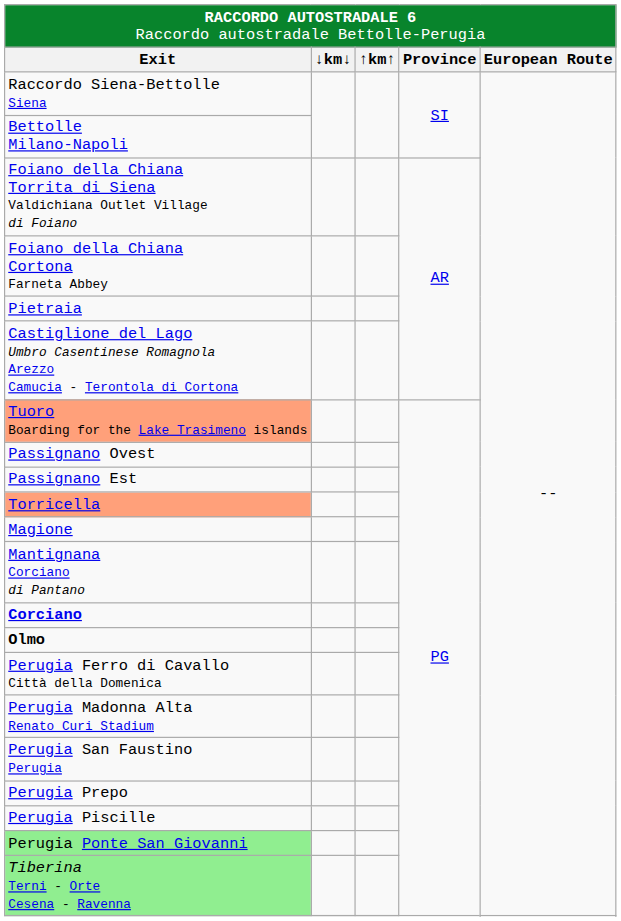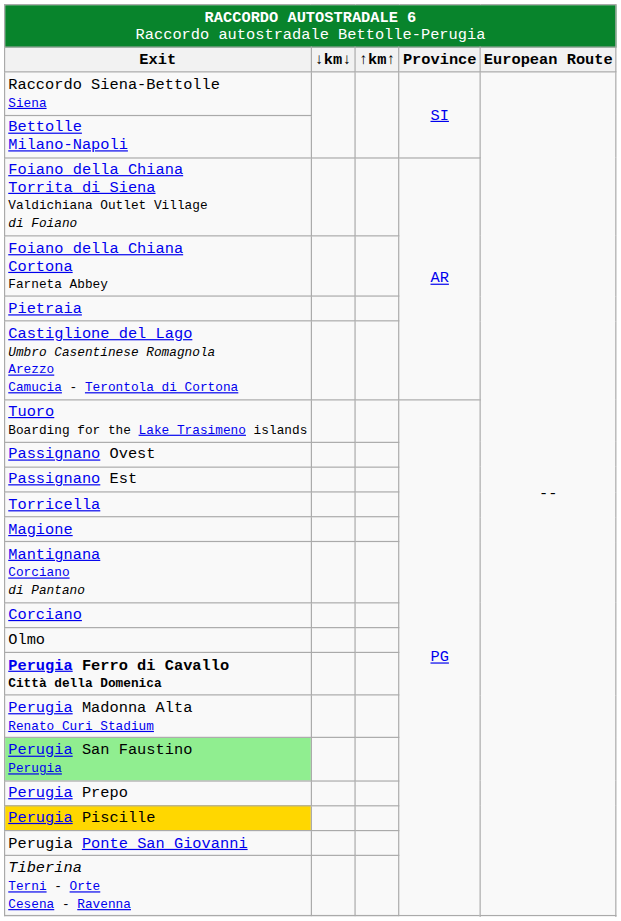 <table class="wikitable" border="1">
 <tr align="center" bgcolor="08842C" style="color: white;font-size:100%;">
 <td colspan="6"><strong> RACCORDO AUTOSTRADALE 6</strong><br>Raccordo autostradale Bettolle-Perugia</td>
 </tr>
 <tr>
 <th style="text-align:center;"><strong>Exit</strong></th>
 <th style="text-align:center;"><strong>↓km↓</strong></th>
 <th style="text-align:center;"><strong>↑km↑</strong></th>
 <th align="center"><strong>Province</strong></th>
 <th align="center"><strong>European Route</strong></th>
 </tr>
 <tr>
 <td>  Raccordo Siena-Bettolle<br><small><a href='#'>Siena</a></small></td>
 <td rowspan="2" align="right"></td>
 <td rowspan="2" align="right"></td>
 <td rowspan="2" align="center"><a href='#'>SI</a></td>
 <td rowspan="22" align="center">--</td>
 </tr>
 <tr>
 <td> <a href='#'>Bettolle</a><br>  <a href='#'>Milano-Napoli</a></td>
 </tr>
 <tr>
 <td> <a href='#'>Foiano della Chiana</a><br><a href='#'>Torrita di Siena</a><br><small> Valdichiana Outlet Village<br> <em>di Foiano</em></small></td>
 <td align="right"></td>
 <td align="right"></td>
 <td rowspan="4" align="center"><a href='#'>AR</a></td>
 </tr>
 <tr>
 <td>  <a href='#'>Foiano della Chiana</a><br> <a href='#'>Cortona</a><br><small> Farneta Abbey </small></td>
 <td align="right"></td>
 <td align="right"></td>
 </tr>
 <tr>
 <td> <a href='#'>Pietraia</a></td>
 <td align="right"></td>
 <td align="right"></td>
 </tr>
 <tr>
 <td> <a href='#'>Castiglione del Lago</a><br><small> <em>Umbro Casentinese Romagnola</em> </small><br><small> <a href='#'>Arezzo</a> <br> <a href='#'>Camucia</a> - <a href='#'>Terontola di Cortona</a></small></td>
 <td align="right"></td>
 <td align="right"></td>
 </tr>
 <tr>
-<td style="background: lightsalmon;"> <a href='#'>Tuoro</a><br><small>  Boarding for the <a href='#'>Lake Trasimeno</a> islands</small></td>
+<td> <a href='#'>Tuoro</a><br><small>  Boarding for the <a href='#'>Lake Trasimeno</a> islands</small></td>
 <td align="right"></td>
 <td align="right"></td>
 <td rowspan="16" align="center"><a href='#'>PG</a></td>
 </tr>
 <tr>
 <td> <a href='#'>Passignano</a> Ovest</td>
 <td align="right"></td>
 <td align="right"></td>
 </tr>
 <tr>
 <td> <a href='#'>Passignano</a> Est</td>
 <td align="right"></td>
 <td align="right"></td>
 </tr>
 <tr>
-<td style="background: lightsalmon;"> <a href='#'>Torricella</a></td>
+<td> <a href='#'>Torricella</a></td>
 <td align="right"></td>
 <td align="right"></td>
 </tr>
 <tr>
 <td> <a href='#'>Magione</a></td>
 <td align="right"></td>
 <td align="right"></td>
 </tr>
 <tr>
 <td> <a href='#'>Mantignana</a><br><small>  <a href='#'>Corciano</a> </small><br><small> <em>di Pantano</em></small></td>
 <td align="right"></td>
 <td align="right"></td>
 </tr>
 <tr>
-<td><strong> <a href='#'>Corciano</a></strong></td>
+<td> <a href='#'>Corciano</a></td>
 <td align="right"></td>
 <td align="right"></td>
 </tr>
 <tr>
-<td><strong> Olmo</strong></td>
+<td> Olmo</td>
 <td align="right"></td>
 <td align="right"></td>
 </tr>
 <tr>
-<td> <a href='#'>Perugia</a> Ferro di Cavallo<br><small> Città della Domenica</small></td>
+<td><strong> <a href='#'>Perugia</a> Ferro di Cavallo<br><small> Città della Domenica</small></strong></td>
 <td align="right"></td>
 <td align="right"></td>
 </tr>
 <tr>
 <td> <a href='#'>Perugia</a> Madonna Alta<br><small>  <a href='#'>Renato Curi Stadium</a> </small></td>
 <td align="right"></td>
 <td align="right"></td>
 </tr>
 <tr>
-<td> <a href='#'>Perugia</a> San Faustino<br><small> <a href='#'>Perugia</a></small></td>
+<td style="background: lightgreen;"> <a href='#'>Perugia</a> San Faustino<br><small> <a href='#'>Perugia</a></small></td>
 <td align="right"></td>
 <td align="right"></td>
 </tr>
 <tr>
 <td> <a href='#'>Perugia</a> Prepo</td>
 <td align="right"></td>
 <td align="right"></td>
 </tr>
 <tr>
-<td> <a href='#'>Perugia</a> Piscille</td>
+<td style="background: gold;"> <a href='#'>Perugia</a> Piscille</td>
 <td align="right"></td>
 <td align="right"></td>
 </tr>
 <tr>
-<td style="background: lightgreen;"> Perugia <a href='#'>Ponte San Giovanni</a></td>
+<td> Perugia <a href='#'>Ponte San Giovanni</a></td>
 <td align="right"></td>
 <td align="right"></td>
 </tr>
 <tr>
-<td style="background: lightgreen;">    <em>Tiberina</em><br><small> <a href='#'>Terni</a> - <a href='#'>Orte</a> <br> <a href='#'>Cesena</a> - <a href='#'>Ravenna</a></small></td>
+<td>    <em>Tiberina</em><br><small> <a href='#'>Terni</a> - <a href='#'>Orte</a> <br> <a href='#'>Cesena</a> - <a href='#'>Ravenna</a></small></td>
 <td align="right"></td>
 <td align="right"></td>
 </tr>
 <tr>
 </tr>
 </table>
